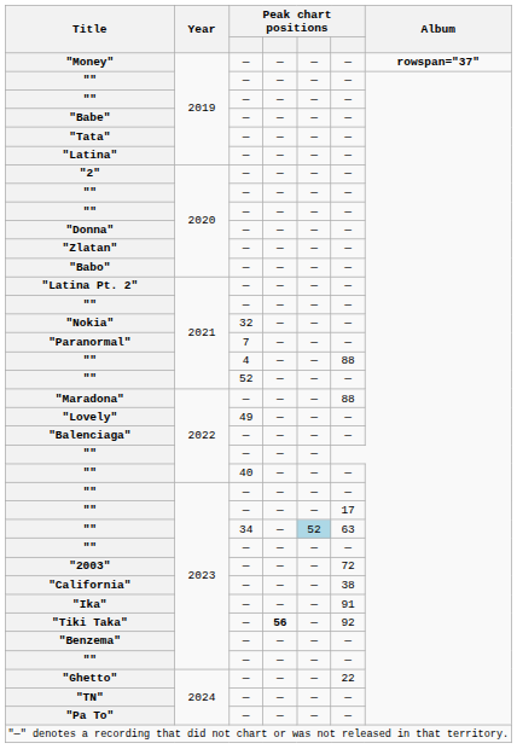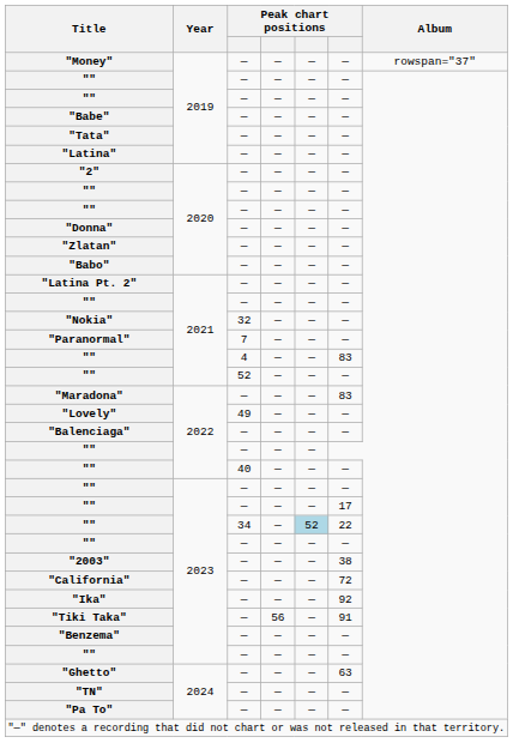 <table class="wikitable plainrowheaders" style="text-align:center;">
 <tr>
 <th scope="col" rowspan="2">Title</th>
 <th scope="col" rowspan="2">Year</th>
 <th scope="col" colspan="4">Peak chart positions</th>
 <th scope="col" rowspan="2">Album</th>
 </tr>
 <tr>
 <th style="width:3em; font-size:85%;"><a href='#'></a><br></th>
 <th style="width:3em; font-size:85%;"><a href='#'></a><br></th>
 <th style="width:3em; font-size:85%;"><a href='#'></a><br></th>
 <th style="width:3em; font-size:85%;"><a href='#'></a><br></th>
 </tr>
 <tr>
 <th scope="row">"Money"</th>
 <td rowspan="6">2019</td>
 <td>—</td>
 <td>—</td>
 <td>—</td>
 <td>—</td>
-<td><strong>rowspan="37" </strong></td>
+<td>rowspan="37" </td>
 </tr>
 <tr>
 <th scope="row">""</th>
 <td>—</td>
 <td>—</td>
 <td>—</td>
 <td>—</td>
 </tr>
 <tr>
 <th scope="row">""</th>
 <td>—</td>
 <td>—</td>
 <td>—</td>
 <td>—</td>
 </tr>
 <tr>
 <th scope="row">"Babe"</th>
 <td>—</td>
 <td>—</td>
 <td>—</td>
 <td>—</td>
 </tr>
 <tr>
 <th scope="row">"Tata"</th>
 <td>—</td>
 <td>—</td>
 <td>—</td>
 <td>—</td>
 </tr>
 <tr>
 <th scope="row">"Latina"</th>
 <td>—</td>
 <td>—</td>
 <td>—</td>
 <td>—</td>
 </tr>
 <tr>
 <th scope="row">"2"</th>
 <td rowspan="6">2020</td>
 <td>—</td>
 <td>—</td>
 <td>—</td>
 <td>—</td>
 </tr>
 <tr>
 <th scope="row">""</th>
 <td>—</td>
 <td>—</td>
 <td>—</td>
 <td>—</td>
 </tr>
 <tr>
 <th scope="row">""</th>
 <td>—</td>
 <td>—</td>
 <td>—</td>
 <td>—</td>
 </tr>
 <tr>
 <th scope="row">"Donna"</th>
 <td>—</td>
 <td>—</td>
 <td>—</td>
 <td>—</td>
 </tr>
 <tr>
 <th scope="row">"Zlatan"</th>
 <td>—</td>
 <td>—</td>
 <td>—</td>
 <td>—</td>
 </tr>
 <tr>
 <th scope="row">"Babo"</th>
 <td>—</td>
 <td>—</td>
 <td>—</td>
 <td>—</td>
 </tr>
 <tr>
 <th scope="row">"Latina Pt. 2"</th>
 <td rowspan="6">2021</td>
 <td>—</td>
 <td>—</td>
 <td>—</td>
 <td>—</td>
 </tr>
 <tr>
 <th scope="row">""</th>
 <td>—</td>
 <td>—</td>
 <td>—</td>
 <td>—</td>
 </tr>
 <tr>
 <th scope="row">"Nokia"</th>
 <td>32</td>
 <td>—</td>
 <td>—</td>
 <td>—</td>
 </tr>
 <tr>
 <th scope="row">"Paranormal"</th>
 <td>7</td>
 <td>—</td>
 <td>—</td>
 <td>—</td>
 </tr>
 <tr>
 <th scope="row">""</th>
 <td>4</td>
 <td>—</td>
 <td>—</td>
-<td>88</td>
+<td>83</td>
 </tr>
 <tr>
 <th scope="row">""</th>
 <td>52</td>
 <td>—</td>
 <td>—</td>
 <td>—</td>
 </tr>
 <tr>
 <th scope="row">"Maradona"<br></th>
 <td rowspan="5">2022</td>
 <td>—</td>
 <td>—</td>
 <td>—</td>
-<td>88</td>
+<td>83</td>
 </tr>
 <tr>
 <th scope="row">"Lovely"</th>
 <td>49</td>
 <td>—</td>
 <td>—</td>
 <td>—</td>
 </tr>
 <tr>
 <th scope="row">"Balenciaga"</th>
 <td>—</td>
 <td>—</td>
 <td>—</td>
 <td>—</td>
 </tr>
 <tr>
 <th scope="row">""</th>
 <td>—</td>
 <td>—</td>
 <td>—</td>
 </tr>
 <tr>
 <th scope="row">""</th>
 <td>40</td>
 <td>—</td>
 <td>—</td>
 <td>—</td>
 </tr>
 <tr>
 <th scope="row">""</th>
 <td rowspan="10">2023</td>
 <td>—</td>
 <td>—</td>
 <td>—</td>
 <td>—</td>
 </tr>
 <tr>
 <th scope="row">""</th>
 <td>—</td>
 <td>—</td>
 <td>—</td>
 <td>17</td>
 </tr>
 <tr>
 <th scope="row">""</th>
 <td>34</td>
 <td>—</td>
 <td style="background: lightblue;">52</td>
-<td>63</td>
+<td>22</td>
 </tr>
 <tr>
 <th scope="row">""</th>
 <td>—</td>
 <td>—</td>
 <td>—</td>
 <td>—</td>
 </tr>
 <tr>
 <th scope="row">"2003"</th>
 <td>—</td>
 <td>—</td>
 <td>—</td>
-<td>72</td>
+<td>38</td>
 </tr>
 <tr>
 <th scope="row">"California"</th>
 <td>—</td>
 <td>—</td>
 <td>—</td>
-<td>38</td>
+<td>72</td>
 </tr>
 <tr>
 <th scope="row">"Ika"</th>
 <td>—</td>
 <td>—</td>
 <td>—</td>
-<td>91</td>
+<td>92</td>
 </tr>
 <tr>
 <th scope="row">"Tiki Taka"<br></th>
 <td>—</td>
-<td><strong>56</strong></td>
+<td>56</td>
 <td>—</td>
-<td>92</td>
+<td>91</td>
 </tr>
 <tr>
 <th scope="row">"Benzema"</th>
 <td>—</td>
 <td>—</td>
 <td>—</td>
 <td>—</td>
 </tr>
 <tr>
 <th scope="row">""<br></th>
 <td>—</td>
 <td>—</td>
 <td>—</td>
 <td>—</td>
 </tr>
 <tr>
 <th scope="row">"Ghetto"</th>
 <td rowspan="3">2024</td>
 <td>—</td>
 <td>—</td>
 <td>—</td>
-<td>22</td>
+<td>63</td>
 </tr>
 <tr>
 <th scope="row">"TN"</th>
 <td>—</td>
 <td>—</td>
 <td>—</td>
 <td>—</td>
 </tr>
 <tr>
 <th scope="row">"Pa To"</th>
 <td>—</td>
 <td>—</td>
 <td>—</td>
 <td>—</td>
 </tr>
 <tr>
 <td colspan="7" style="font-size:90%">"—" denotes a recording that did not chart or was not released in that territory.</td>
 </tr>
 </table>
